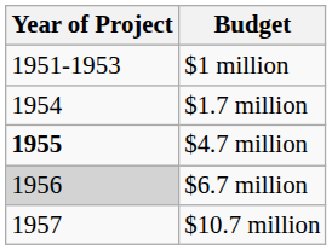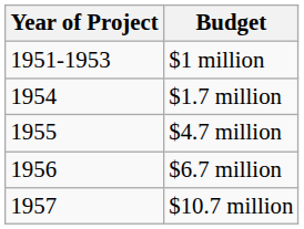 <table class="wikitable">
 <tr>
 <th>Year of Project</th>
 <th>Budget</th>
 </tr>
 <tr>
 <td>1951-1953</td>
 <td>$1 million</td>
 </tr>
 <tr>
 <td>1954</td>
 <td>$1.7 million</td>
 </tr>
 <tr>
-<td><strong>1955</strong></td>
+<td>1955</td>
 <td>$4.7 million</td>
 </tr>
 <tr>
-<td style="background: lightgrey;">1956</td>
+<td>1956</td>
 <td>$6.7 million</td>
 </tr>
 <tr>
 <td>1957</td>
 <td>$10.7 million</td>
 </tr>
 </table>
